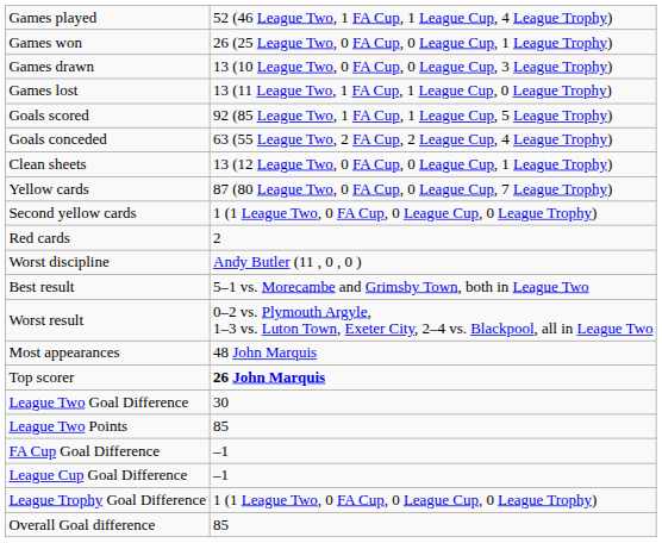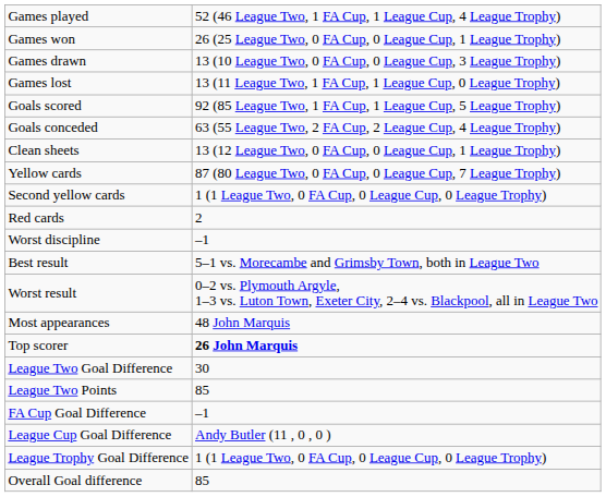 <table class="wikitable">
 <tr>
 <td>Games played</td>
 <td>52 (46 <a href='#'>League Two</a>, 1 <a href='#'>FA Cup</a>, 1 <a href='#'>League Cup</a>, 4 <a href='#'>League Trophy</a>)</td>
 </tr>
 <tr>
 <td>Games won</td>
 <td>26 (25 <a href='#'>League Two</a>, 0 <a href='#'>FA Cup</a>, 0 <a href='#'>League Cup</a>, 1 <a href='#'>League Trophy</a>)</td>
 </tr>
 <tr>
 <td>Games drawn</td>
 <td>13 (10 <a href='#'>League Two</a>, 0 <a href='#'>FA Cup</a>, 0 <a href='#'>League Cup</a>, 3 <a href='#'>League Trophy</a>)</td>
 </tr>
 <tr>
 <td>Games lost</td>
 <td>13 (11 <a href='#'>League Two</a>, 1 <a href='#'>FA Cup</a>, 1 <a href='#'>League Cup</a>, 0 <a href='#'>League Trophy</a>)</td>
 </tr>
 <tr>
 <td>Goals scored</td>
 <td>92 (85 <a href='#'>League Two</a>, 1 <a href='#'>FA Cup</a>, 1 <a href='#'>League Cup</a>, 5 <a href='#'>League Trophy</a>)</td>
 </tr>
 <tr>
 <td>Goals conceded</td>
 <td>63 (55 <a href='#'>League Two</a>, 2 <a href='#'>FA Cup</a>, 2 <a href='#'>League Cup</a>, 4 <a href='#'>League Trophy</a>)</td>
 </tr>
 <tr>
 <td>Clean sheets</td>
 <td>13 (12 <a href='#'>League Two</a>, 0 <a href='#'>FA Cup</a>, 0 <a href='#'>League Cup</a>, 1 <a href='#'>League Trophy</a>)</td>
 </tr>
 <tr>
 <td>Yellow cards</td>
 <td>87 (80 <a href='#'>League Two</a>, 0 <a href='#'>FA Cup</a>, 0 <a href='#'>League Cup</a>, 7 <a href='#'>League Trophy</a>)</td>
 </tr>
 <tr>
 <td>Second yellow cards</td>
 <td>1 (1 <a href='#'>League Two</a>, 0 <a href='#'>FA Cup</a>, 0 <a href='#'>League Cup</a>, 0 <a href='#'>League Trophy</a>)</td>
 </tr>
 <tr>
 <td>Red cards</td>
 <td>2</td>
 </tr>
 <tr>
 <td>Worst discipline</td>
-<td><a href='#'>Andy Butler</a> (11 , 0 , 0 )</td>
+<td>–1</td>
 </tr>
 <tr>
 <td>Best result</td>
 <td>5–1 vs. <a href='#'>Morecambe</a> and <a href='#'>Grimsby Town</a>, both in <a href='#'>League Two</a></td>
 </tr>
 <tr>
 <td>Worst result</td>
 <td>0–2 vs. <a href='#'>Plymouth Argyle</a>,<br>1–3 vs. <a href='#'>Luton Town</a>, <a href='#'>Exeter City</a>,  2–4 vs. <a href='#'>Blackpool</a>, all in <a href='#'>League Two</a></td>
 </tr>
 <tr>
 <td>Most appearances</td>
 <td>48 <a href='#'>John Marquis</a></td>
 </tr>
 <tr>
 <td>Top scorer</td>
 <td><strong>26 <a href='#'>John Marquis</a></strong></td>
 </tr>
 <tr>
 <td><a href='#'>League Two</a> Goal Difference</td>
 <td>30</td>
 </tr>
 <tr>
 <td><a href='#'>League Two</a> Points</td>
 <td>85</td>
 </tr>
 <tr>
 <td><a href='#'>FA Cup</a> Goal Difference</td>
 <td>–1</td>
 </tr>
 <tr>
 <td><a href='#'>League Cup</a> Goal Difference</td>
-<td>–1</td>
+<td><a href='#'>Andy Butler</a> (11 , 0 , 0 )</td>
 </tr>
 <tr>
 <td><a href='#'>League Trophy</a> Goal Difference</td>
 <td>1 (1 <a href='#'>League Two</a>, 0 <a href='#'>FA Cup</a>, 0 <a href='#'>League Cup</a>, 0 <a href='#'>League Trophy</a>)</td>
 </tr>
 <tr>
 <td>Overall Goal difference</td>
 <td>85</td>
 </tr>
 </table>
